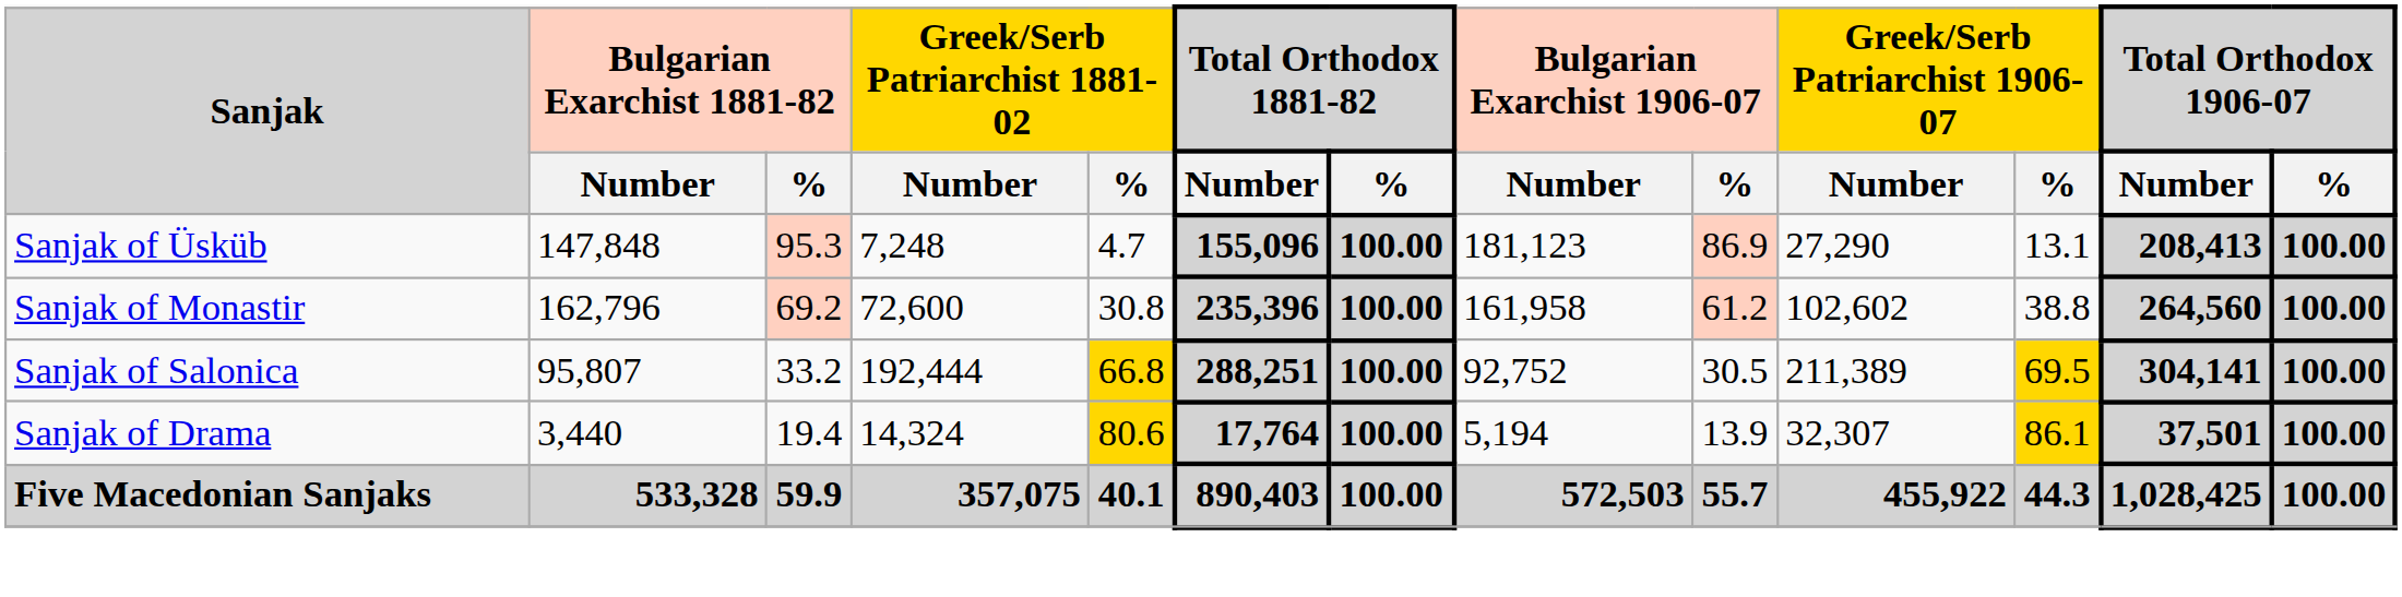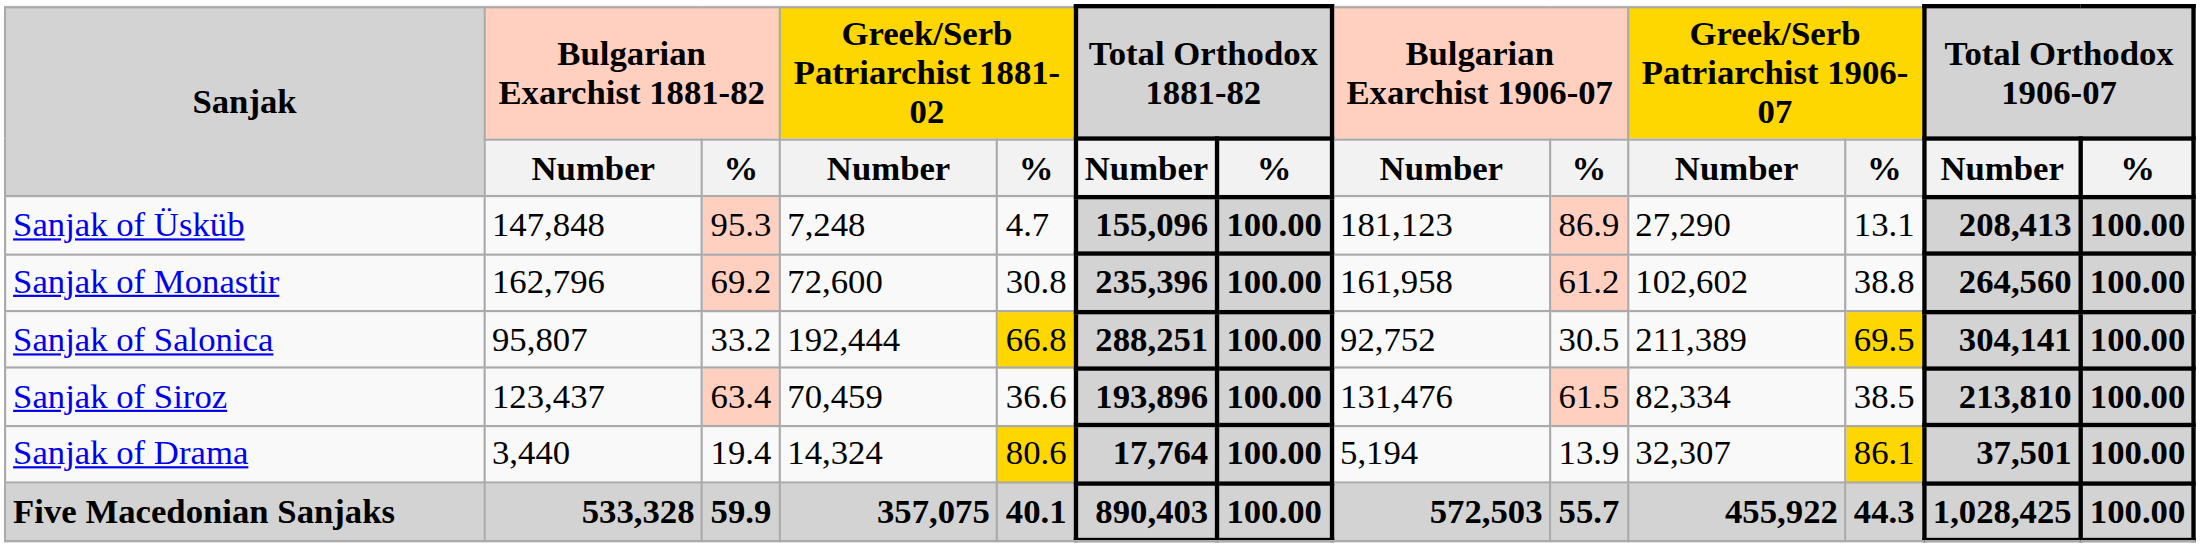 <table class="wikitable sortable defaultright col1left"">
 <tr>
 <th rowspan="2" style="width:160pt;background:#D3D3D3">Sanjak</th>
 <th style="text-align:center;  background:#FFD0C0;" colspan="2">Bulgarian<br>Exarchist 1881-82</th>
 <th style="text-align:center;  background:#FFD700;" colspan="2">Greek/Serb Patriarchist 1881-02</th>
 <th colspan="2" style="border: 2px solid black; background:#D3D3D3;">Total Orthodox 1881-82</th>
 <th style="text-align:center; background:#FFD0C0;" colspan="2">Bulgarian<br>Exarchist 1906-07</th>
 <th style="text-align:center; background:#FFD700;" colspan="2">Greek/Serb Patriarchist 1906-07</th>
 <th colspan="2" style="border: 2px solid black; background:#D3D3D3;">Total Orthodox 1906-07</th>
 </tr>
 <tr>
 <th style="width:70pt;">Number</th>
 <th style="width:8pt;">%</th>
 <th style="width:70pt;">Number</th>
 <th style="width:8pt;">%</th>
 <th style="border: 2px solid black;width:10pt;">Number</th>
 <th style="border: 2px solid black;width:8pt;">%</th>
 <th style="width:70pt;">Number</th>
 <th style="width:8pt;">%</th>
 <th style="width:70pt;">Number</th>
 <th style="width:8pt;">%</th>
 <th style="border: 2px solid black;width:10pt;">Number</th>
 <th style="border: 2px solid black;width:8pt;">%</th>
 </tr>
 <tr>
 <td><a href='#'>Sanjak of Üsküb</a></td>
 <td>147,848</td>
 <td style="background:#FFD0C0;">95.3</td>
 <td>7,248</td>
 <td>4.7</td>
 <td style="border: 2px solid black;text-align:right;background:#D3D3D3;"><strong>155,096</strong></td>
 <td style="border: 2px solid black;text-align:right;background:#D3D3D3;"><strong>100.00</strong></td>
 <td>181,123</td>
 <td style="background:#FFD0C0;">86.9</td>
 <td>27,290</td>
 <td>13.1</td>
 <td style="border: 2px solid black;text-align:right;background:#D3D3D3;"><strong>208,413</strong></td>
 <td style="border: 2px solid black;text-align:right;background:#D3D3D3;"><strong>100.00</strong></td>
 </tr>
 <tr>
 <td><a href='#'>Sanjak of Monastir</a></td>
 <td>162,796</td>
 <td style="background:#FFD0C0;">69.2</td>
 <td>72,600</td>
 <td>30.8</td>
 <td style="border: 2px solid black;text-align:right;background:#D3D3D3;"><strong>235,396</strong></td>
 <td style="border: 2px solid black;text-align:right;background:#D3D3D3;"><strong>100.00</strong></td>
 <td>161,958</td>
 <td style="background:#FFD0C0;">61.2</td>
 <td>102,602</td>
 <td>38.8</td>
 <td style="border: 2px solid black;text-align:right;background:#D3D3D3;"><strong>264,560</strong></td>
 <td style="border: 2px solid black;text-align:right;background:#D3D3D3;"><strong>100.00</strong></td>
 </tr>
 <tr>
 <td><a href='#'>Sanjak of Salonica</a></td>
 <td>95,807</td>
 <td>33.2</td>
 <td>192,444</td>
 <td style="background:#FFD700;">66.8</td>
 <td style="border: 2px solid black;text-align:right;background:#D3D3D3;"><strong>288,251</strong></td>
 <td style="border: 2px solid black;text-align:right;background:#D3D3D3;"><strong>100.00</strong></td>
 <td>92,752</td>
 <td>30.5</td>
 <td>211,389</td>
 <td style="background:#FFD700;">69.5</td>
 <td style="border: 2px solid black;text-align:right;background:#D3D3D3;"><strong>304,141</strong></td>
 <td style="border: 2px solid black;text-align:right;background:#D3D3D3;"><strong>100.00</strong></td>
 </tr>
 <tr>
+<td><a href='#'>Sanjak of Siroz</a></td>
+<td>123,437</td>
+<td style="background:#FFD0C0;">63.4</td>
+<td>70,459</td>
+<td>36.6</td>
+<td style="border: 2px solid black;text-align:right;background:#D3D3D3;"><strong>193,896</strong></td>
+<td style="border: 2px solid black;text-align:right;background:#D3D3D3;"><strong>100.00</strong></td>
+<td>131,476</td>
+<td style="background:#FFD0C0;">61.5</td>
+<td>82,334</td>
+<td>38.5</td>
+<td style="border: 2px solid black;text-align:right;background:#D3D3D3;"><strong>213,810</strong></td>
+<td style="border: 2px solid black;text-align:right;background:#D3D3D3;"><strong>100.00</strong></td>
+</tr>
+<tr>
 <td><a href='#'>Sanjak of Drama</a></td>
 <td>3,440</td>
 <td>19.4</td>
 <td>14,324</td>
 <td style="background:#FFD700;">80.6</td>
 <td style="border: 2px solid black;text-align:right;background:#D3D3D3;"><strong>17,764</strong></td>
 <td style="border: 2px solid black;text-align:right;background:#D3D3D3;"><strong>100.00</strong></td>
 <td>5,194</td>
 <td>13.9</td>
 <td>32,307</td>
 <td style="background:#FFD700;">86.1</td>
 <td style="border: 2px solid black;text-align:right;background:#D3D3D3;"><strong>37,501</strong></td>
 <td style="border: 2px solid black;text-align:right;background:#D3D3D3;"><strong>100.00</strong></td>
 </tr>
 <tr>
 <th style="text-align:left;background:#D3D3D3;">Five Macedonian Sanjaks</th>
 <th style="text-align:right;background:#D3D3D3;">533,328</th>
 <th style="text-align:right;background:#D3D3D3;">59.9</th>
 <th style="text-align:right;background:#D3D3D3;">357,075</th>
 <th style="text-align:right;background:#D3D3D3;">40.1</th>
 <th style="border: 2px solid black;text-align:right;background:#D3D3D3;">890,403</th>
 <th style="border: 2px solid black;text-align:right;background:#D3D3D3;">100.00</th>
 <th style="text-align:right;background:#D3D3D3;">572,503</th>
 <th style="text-align:right;background:#D3D3D3;">55.7</th>
 <th style="text-align:right;background:#D3D3D3;">455,922</th>
 <th style="text-align:right;background:#D3D3D3;">44.3</th>
 <th style="border: 2px solid black;text-align:right;background:#D3D3D3;">1,028,425</th>
 <th style="border: 2px solid black;text-align:right;background:#D3D3D3;">100.00</th>
 </tr>
 <tr>
 </tr>
 </table>
